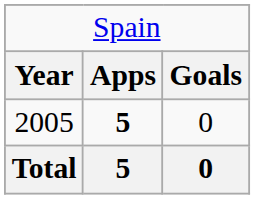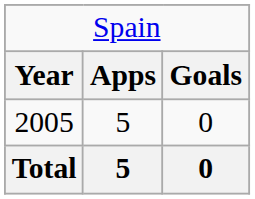 <table class="wikitable" style="text-align:center">
 <tr>
 <td colspan="3"><a href='#'>Spain</a></td>
 </tr>
 <tr>
 <th>Year</th>
 <th>Apps</th>
 <th>Goals</th>
 </tr>
 <tr>
 <td>2005</td>
-<td><strong>5</strong></td>
+<td>5</td>
 <td>0</td>
 </tr>
 <tr>
 <th>Total</th>
 <th>5</th>
 <th>0</th>
 </tr>
 </table>
